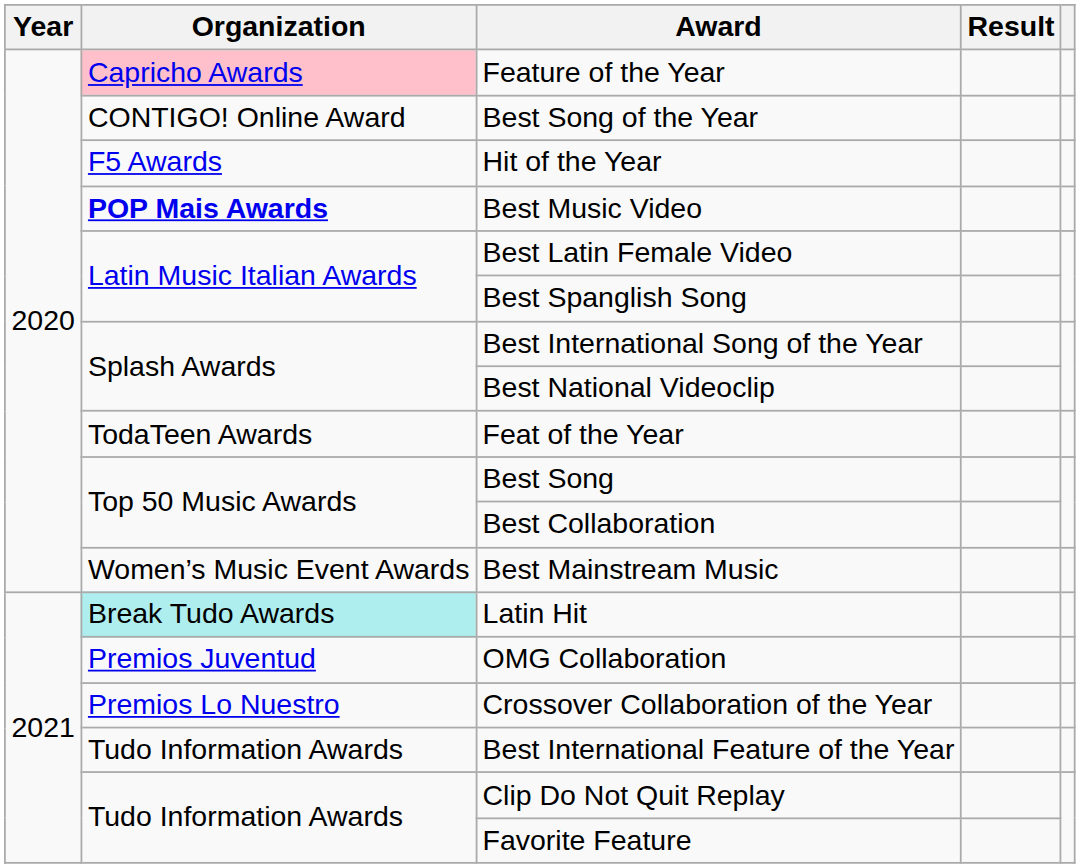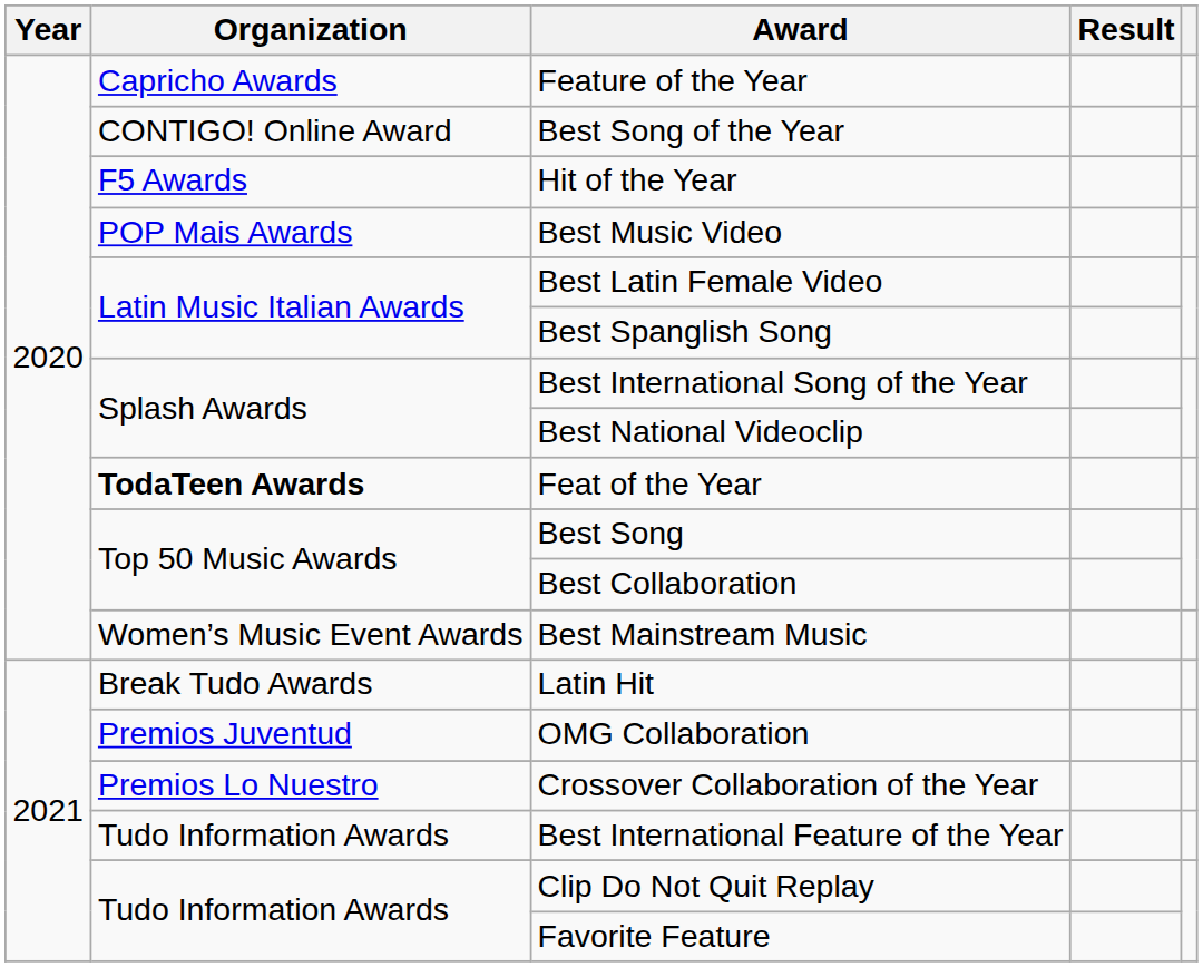 <table class="wikitable plainrowheaders">
 <tr>
 <th>Year</th>
 <th>Organization</th>
 <th>Award</th>
 <th>Result</th>
 <th></th>
 </tr>
 <tr>
 <td rowspan="12">2020</td>
-<td style="background: pink;"><a href='#'>Capricho Awards</a></td>
+<td><a href='#'>Capricho Awards</a></td>
 <td>Feature of the Year</td>
 <td></td>
 <td style="text-align:center;"></td>
 </tr>
 <tr>
 <td>CONTIGO! Online Award</td>
 <td>Best Song of the Year</td>
 <td></td>
 <td></td>
 </tr>
 <tr>
 <td><a href='#'>F5 Awards</a></td>
 <td>Hit of the Year</td>
 <td></td>
 <td style="text-align:center;"></td>
 </tr>
 <tr>
-<td><strong><a href='#'>POP Mais Awards</a></strong></td>
+<td><a href='#'>POP Mais Awards</a></td>
 <td>Best Music Video</td>
 <td></td>
 <td style="text-align:center;"></td>
 </tr>
 <tr>
 <td rowspan=2><a href='#'>Latin Music Italian Awards</a></td>
 <td>Best Latin Female Video</td>
 <td></td>
 <td style="text-align:center;" rowspan=2></td>
 </tr>
 <tr>
 <td>Best Spanglish Song</td>
 <td></td>
 </tr>
 <tr>
 <td rowspan="2">Splash Awards</td>
 <td>Best International Song of the Year</td>
 <td></td>
 <td rowspan="2"></td>
 </tr>
 <tr>
 <td>Best National Videoclip</td>
 <td></td>
 </tr>
 <tr>
-<td>TodaTeen Awards</td>
+<td><strong>TodaTeen Awards</strong></td>
 <td>Feat of the Year</td>
 <td></td>
 <td></td>
 </tr>
 <tr>
 <td rowspan="2">Top 50 Music Awards</td>
 <td>Best Song</td>
 <td></td>
 <td rowspan="2"></td>
 </tr>
 <tr>
 <td>Best Collaboration</td>
 <td></td>
 </tr>
 <tr>
 <td>Women’s Music Event Awards</td>
 <td>Best Mainstream Music</td>
 <td></td>
 <td></td>
 </tr>
 <tr>
 <td rowspan="6">2021</td>
-<td style="background: paleturquoise;">Break Tudo Awards</td>
+<td>Break Tudo Awards</td>
 <td>Latin Hit</td>
 <td></td>
 <td></td>
 </tr>
 <tr>
 <td><a href='#'>Premios Juventud</a></td>
 <td>OMG Collaboration</td>
 <td></td>
 <td></td>
 </tr>
 <tr>
 <td><a href='#'>Premios Lo Nuestro</a></td>
 <td>Crossover Collaboration of the Year</td>
 <td></td>
 <td style="text-align:center;"></td>
 </tr>
 <tr>
 <td>Tudo Information Awards</td>
 <td>Best International Feature of the Year</td>
 <td></td>
 <td style="text-align:center;"></td>
 </tr>
 <tr>
 <td rowspan="2">Tudo Information Awards</td>
 <td>Clip Do Not Quit Replay</td>
 <td></td>
 <td rowspan="2" style="text-align:center;"></td>
 </tr>
 <tr>
 <td>Favorite Feature</td>
 <td></td>
 </tr>
 </table>
